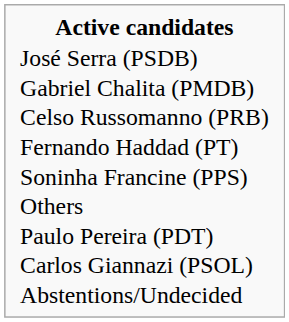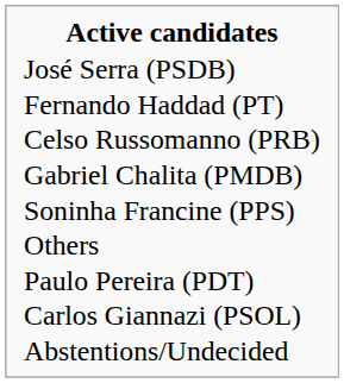 <table style="float; margin-left: 1em; margin-bottom: 0.5em" class="infobox">
 <tr>
 <td style="text-align: center"><span><strong>Active candidates</strong></span></td>
 </tr>
 <tr>
 <td style="padding: 0 5px;"> José Serra (PSDB)</td>
 </tr>
 <tr>
-<td style="padding: 0 5px;"> Gabriel Chalita (PMDB)</td>
+<td style="padding: 0 5px;"> Fernando Haddad (PT)</td>
 </tr>
 <tr>
 <td style="padding: 0 5px;"> Celso Russomanno (PRB)</td>
 </tr>
 <tr>
-<td style="padding: 0 5px;"> Fernando Haddad (PT)</td>
+<td style="padding: 0 5px;"> Gabriel Chalita (PMDB)</td>
 </tr>
 <tr>
 <td style="padding: 0 5px;"> Soninha Francine (PPS)</td>
 </tr>
 <tr>
 <td style="padding: 0 5px;"> Others</td>
 </tr>
 <tr>
 <td style="padding: 0 5px;"> Paulo Pereira (PDT)</td>
 </tr>
 <tr>
 <td style="padding: 0 5px;"> Carlos Giannazi (PSOL)</td>
 </tr>
 <tr>
 <td style="padding: 0 5px;"> Abstentions/Undecided</td>
 </tr>
 </table>
